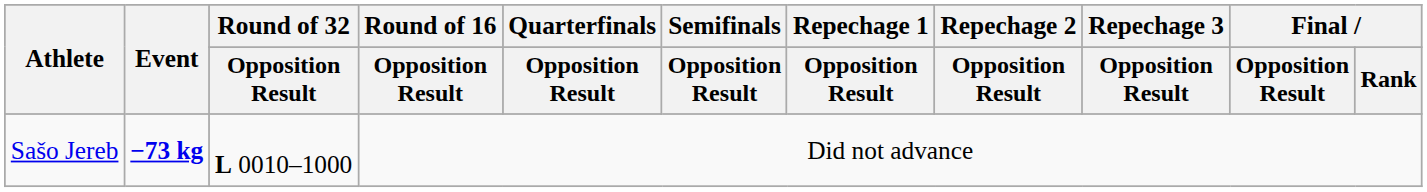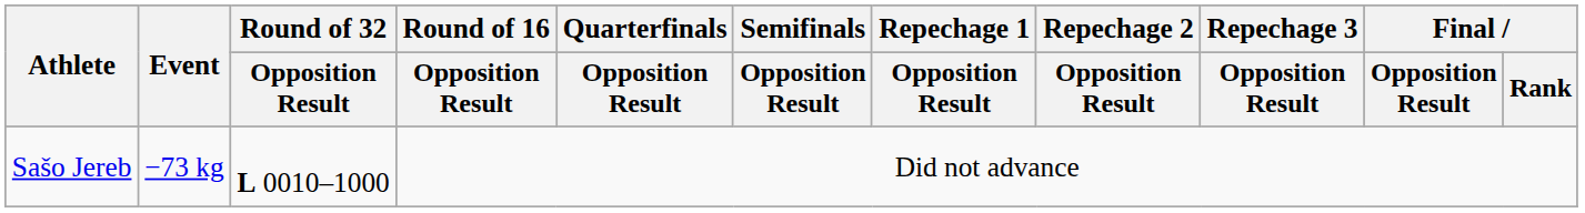 <table class="wikitable" style="font-size:90%">
 <tr>
 <th rowspan="2">Athlete</th>
 <th rowspan="2">Event</th>
 <th>Round of 32</th>
 <th>Round of 16</th>
 <th>Quarterfinals</th>
 <th>Semifinals</th>
 <th>Repechage 1</th>
 <th>Repechage 2</th>
 <th>Repechage 3</th>
 <th colspan=2>Final / </th>
 </tr>
 <tr style="font-size:95%">
 <th>Opposition<br>Result</th>
 <th>Opposition<br>Result</th>
 <th>Opposition<br>Result</th>
 <th>Opposition<br>Result</th>
 <th>Opposition<br>Result</th>
 <th>Opposition<br>Result</th>
 <th>Opposition<br>Result</th>
 <th>Opposition<br>Result</th>
 <th>Rank</th>
 </tr>
 <tr align=center>
 <td align=left><a href='#'>Sašo Jereb</a></td>
-<td align=left><strong><a href='#'>−73 kg</a></strong></td>
+<td align=left><a href='#'>−73 kg</a></td>
 <td><br><strong>L</strong> 0010–1000</td>
 <td colspan=8>Did not advance</td>
 </tr>
 </table>
